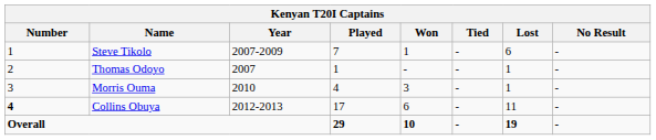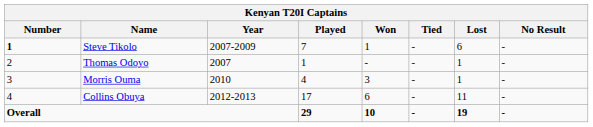 <table class="wikitable" width="70%">
 <tr>
 <th bgcolor="#efefef" colspan=9>Kenyan T20I Captains</th>
 </tr>
 <tr bgcolor="#efefef">
 <th>Number</th>
 <th>Name</th>
 <th>Year</th>
 <th>Played</th>
 <th>Won</th>
 <th>Tied</th>
 <th>Lost</th>
 <th>No Result</th>
 </tr>
 <tr>
-<td>1</td>
+<td><strong>1</strong></td>
 <td><a href='#'>Steve Tikolo</a></td>
 <td>2007-2009</td>
 <td>7</td>
 <td>1</td>
 <td>-</td>
 <td>6</td>
 <td>-</td>
 </tr>
 <tr>
 <td>2</td>
 <td><a href='#'>Thomas Odoyo</a></td>
 <td>2007</td>
 <td>1</td>
 <td>-</td>
 <td>-</td>
 <td>1</td>
 <td>-</td>
 </tr>
 <tr>
 <td>3</td>
 <td><a href='#'>Morris Ouma</a></td>
 <td>2010</td>
 <td>4</td>
 <td>3</td>
 <td>-</td>
 <td>1</td>
 <td>-</td>
 </tr>
 <tr>
-<td><strong>4</strong></td>
+<td>4</td>
 <td><a href='#'>Collins Obuya</a></td>
 <td>2012-2013</td>
 <td>17</td>
 <td>6</td>
 <td>-</td>
 <td>11</td>
 <td>-</td>
 </tr>
 <tr>
 <td colspan=3><strong>Overall</strong></td>
 <td><strong>29</strong></td>
 <td><strong>10</strong></td>
 <td><strong>-</strong></td>
 <td><strong>19</strong></td>
 <td><strong>-</strong></td>
 </tr>
 </table>
